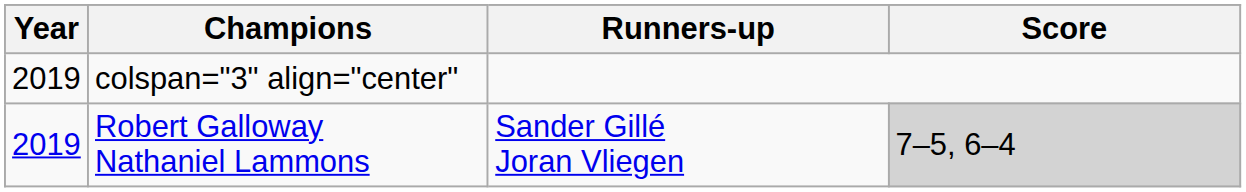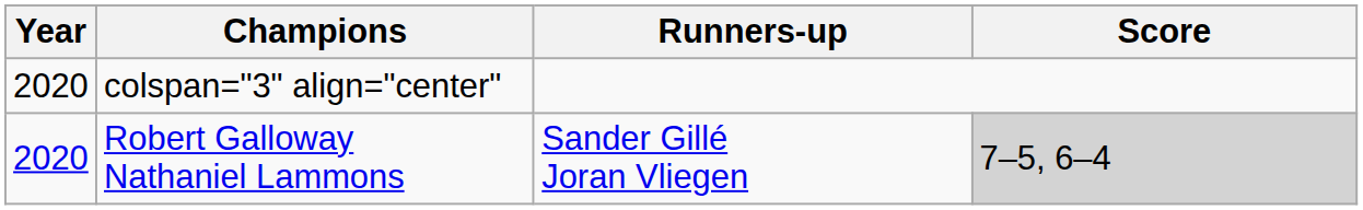 <table class="wikitable">
 <tr>
 <th>Year</th>
 <th width="200">Champions</th>
 <th width="200">Runners-up</th>
 <th width="175">Score</th>
 </tr>
 <tr>
-<td>2019</td>
+<td>2020</td>
 <td>colspan="3" align="center" </td>
 </tr>
 <tr>
-<td><a href='#'>2019</a></td>
+<td><a href='#'>2020</a></td>
 <td> <a href='#'>Robert Galloway</a><br> <a href='#'>Nathaniel Lammons</a></td>
 <td> <a href='#'>Sander Gillé</a><br> <a href='#'>Joran Vliegen</a></td>
 <td style="background: lightgrey;">7–5, 6–4</td>
 </tr>
 </table>
